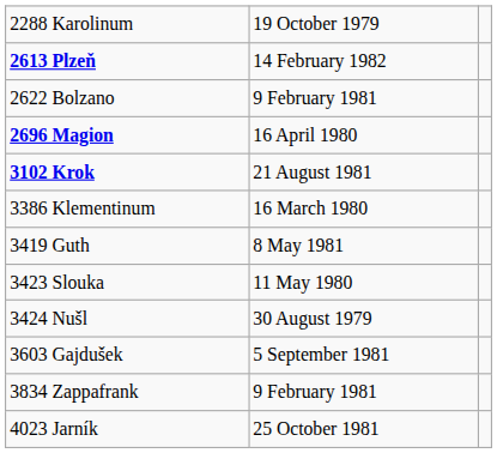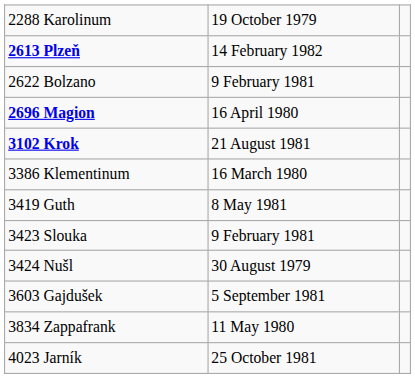 <table class="wikitable" style="font-size: 89%; float: left; width: 26em; margin-right: 1em; height: 336px;">
 <tr>
 <td>2288 Karolinum</td>
 <td>19 October 1979</td>
 <td></td>
 </tr>
 <tr>
 <td><strong><a href='#'>2613 Plzeň</a></strong></td>
 <td>14 February 1982</td>
 <td></td>
 </tr>
 <tr>
 <td>2622 Bolzano</td>
 <td>9 February 1981</td>
 <td></td>
 </tr>
 <tr>
 <td><strong><a href='#'>2696 Magion</a></strong></td>
 <td>16 April 1980</td>
 <td></td>
 </tr>
 <tr>
 <td><strong><a href='#'>3102 Krok</a></strong></td>
 <td>21 August 1981</td>
 <td></td>
 </tr>
 <tr>
 <td>3386 Klementinum</td>
 <td>16 March 1980</td>
 <td></td>
 </tr>
 <tr>
 <td>3419 Guth</td>
 <td>8 May 1981</td>
 <td></td>
 </tr>
 <tr>
 <td>3423 Slouka</td>
-<td>11 May 1980</td>
+<td>9 February 1981</td>
 <td></td>
 </tr>
 <tr>
 <td>3424 Nušl</td>
 <td>30 August 1979</td>
 <td></td>
 </tr>
 <tr>
 <td>3603 Gajdušek</td>
 <td>5 September 1981</td>
 <td></td>
 </tr>
 <tr>
 <td>3834 Zappafrank</td>
-<td>9 February 1981</td>
+<td>11 May 1980</td>
 <td></td>
 </tr>
 <tr>
 <td>4023 Jarník</td>
 <td>25 October 1981</td>
 <td></td>
 </tr>
 </table>
